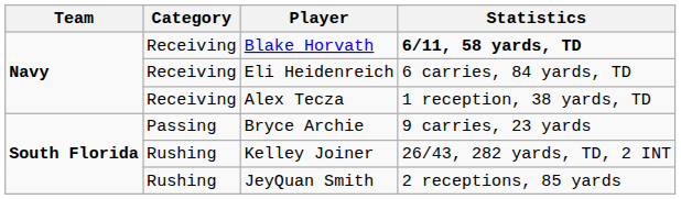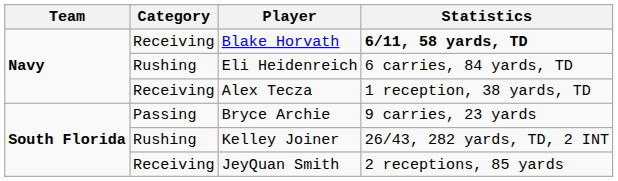 <table class="wikitable" style="float: right;">
 <tr>
 <th>Team</th>
 <th>Category</th>
 <th>Player</th>
 <th>Statistics</th>
 </tr>
 <tr>
 <td rowspan=3><strong>Navy</strong></td>
 <td>Receiving</td>
 <td><a href='#'>Blake Horvath</a></td>
 <td><strong>6/11, 58 yards, TD</strong></td>
 </tr>
 <tr>
-<td>Receiving</td>
+<td>Rushing</td>
 <td>Eli Heidenreich</td>
 <td>6 carries, 84 yards, TD</td>
 </tr>
 <tr>
 <td>Receiving</td>
 <td>Alex Tecza</td>
 <td>1 reception, 38 yards, TD</td>
 </tr>
 <tr>
 <td rowspan=3><strong>South Florida</strong></td>
 <td>Passing</td>
 <td>Bryce Archie</td>
 <td>9 carries, 23 yards</td>
 </tr>
 <tr>
 <td>Rushing</td>
 <td>Kelley Joiner</td>
 <td>26/43, 282 yards, TD, 2 INT</td>
 </tr>
 <tr>
-<td>Rushing</td>
+<td>Receiving</td>
 <td>JeyQuan Smith</td>
 <td>2 receptions, 85 yards</td>
 </tr>
 </table>
